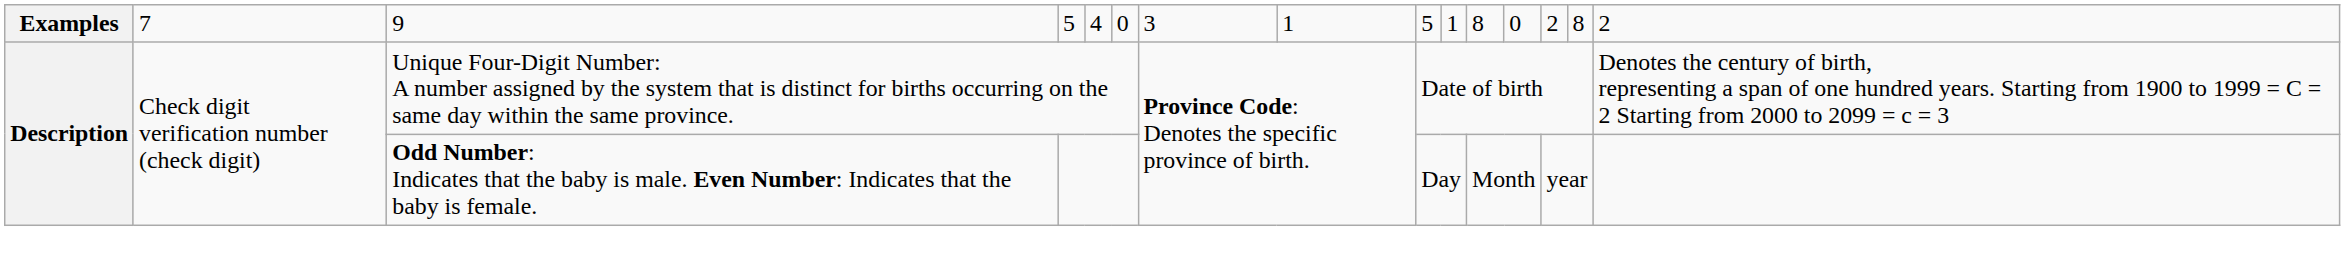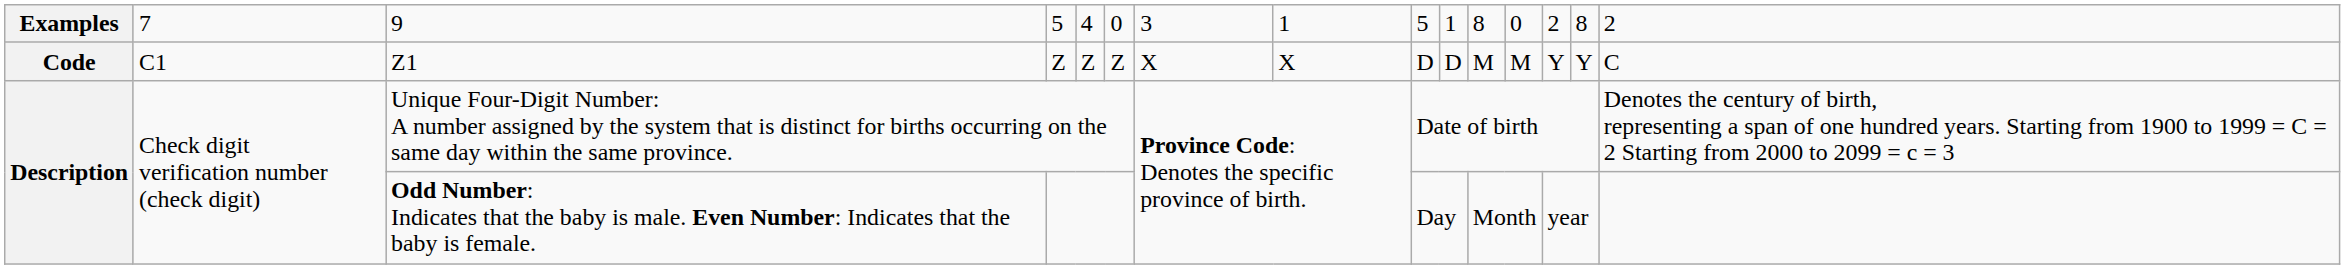 <table class="wikitable">
 <tr>
 <th>Examples</th>
 <td>7</td>
 <td>9</td>
 <td>5</td>
 <td>4</td>
 <td>0</td>
 <td>3</td>
 <td>1</td>
 <td>5</td>
 <td>1</td>
 <td>8</td>
 <td>0</td>
 <td>2</td>
 <td>8</td>
 <td>2</td>
 </tr>
 <tr>
+<th>Code</th>
+<td>C1</td>
+<td>Z1</td>
+<td>Z</td>
+<td>Z</td>
+<td>Z</td>
+<td>X</td>
+<td>X</td>
+<td>D</td>
+<td>D</td>
+<td>M</td>
+<td>M</td>
+<td>Y</td>
+<td>Y</td>
+<td>C</td>
+</tr>
+<tr>
 <th rowspan="2">Description</th>
 <td rowspan="2">Check digit<br>verification number (check digit)</td>
 <td colspan="4">Unique Four-Digit Number:<br>A number assigned by the system that is distinct for births occurring on the same day within the same province.</td>
 <td colspan="2" rowspan="2"><strong>Province Code</strong>:<br>Denotes the specific province of birth.</td>
 <td colspan="6">Date of birth</td>
 <td>Denotes the century of birth,<br>representing a span of one hundred years. Starting from 1900 to 1999 = C = 2 Starting from 2000 to 2099 = c = 3</td>
 </tr>
 <tr>
 <td><strong>Odd Number</strong>:<br>Indicates that the baby is male. <strong>Even Number</strong>: Indicates that the baby is female.</td>
 <td colspan="3"></td>
 <td colspan="2">Day</td>
 <td colspan="2">Month</td>
 <td colspan="2">year</td>
 </tr>
 </table>
